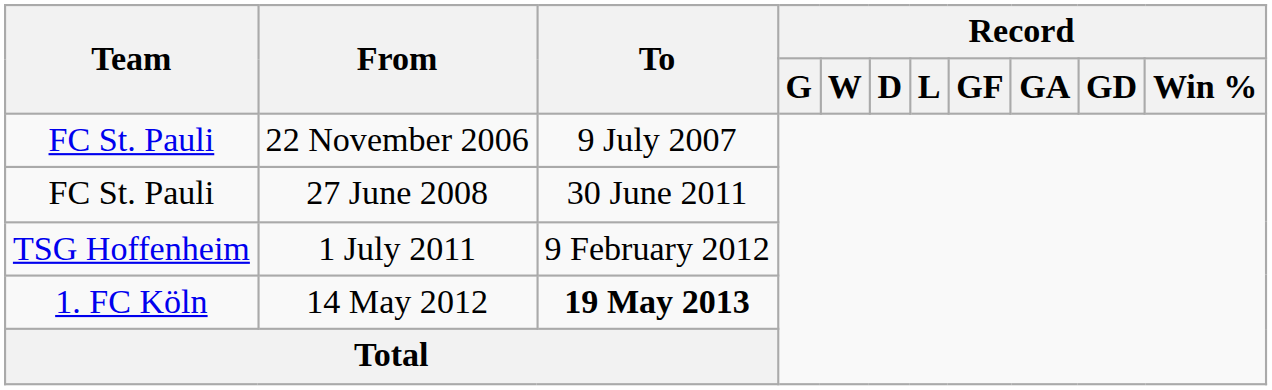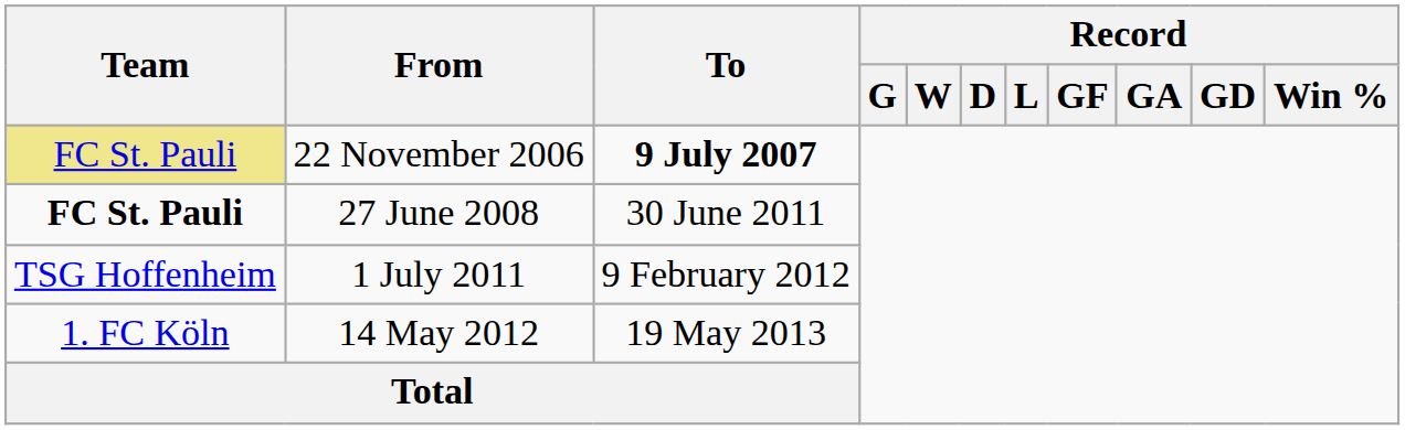 <table class="wikitable" style="text-align: center">
 <tr>
 <th rowspan="2">Team</th>
 <th rowspan="2">From</th>
 <th rowspan="2">To</th>
 <th colspan="8">Record</th>
 </tr>
 <tr>
 <th>G</th>
 <th>W</th>
 <th>D</th>
 <th>L</th>
 <th>GF</th>
 <th>GA</th>
 <th>GD</th>
 <th>Win %</th>
 </tr>
 <tr>
-<td><a href='#'>FC St. Pauli</a></td>
+<td style="background: khaki;"><a href='#'>FC St. Pauli</a></td>
 <td>22 November 2006</td>
-<td>9 July 2007<br></td>
+<td><strong>9 July 2007<br></strong></td>
 </tr>
 <tr>
-<td>FC St. Pauli</td>
+<td><strong>FC St. Pauli</strong></td>
 <td>27 June 2008</td>
 <td>30 June 2011<br></td>
 </tr>
 <tr>
 <td><a href='#'>TSG Hoffenheim</a></td>
 <td>1 July 2011</td>
 <td>9 February 2012<br></td>
 </tr>
 <tr>
 <td><a href='#'>1. FC Köln</a></td>
 <td>14 May 2012</td>
-<td><strong>19 May 2013<br></strong></td>
+<td>19 May 2013<br></td>
 </tr>
 <tr>
 <th colspan="3">Total<br></th>
 </tr>
 </table>
